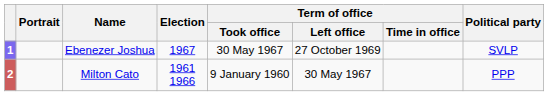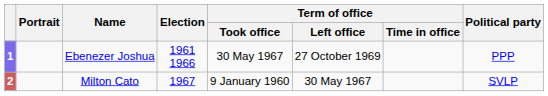 <table class=wikitable style=text-align:center>
 <tr>
 <th rowspan="2"></th>
 <th rowspan="2">Portrait</th>
 <th rowspan="2">Name<br></th>
 <th rowspan="2">Election</th>
 <th colspan="3">Term of office</th>
 <th rowspan="2">Political party</th>
 </tr>
 <tr>
 <th>Took office</th>
 <th>Left office</th>
 <th>Time in office</th>
 </tr>
 <tr>
 <th style="background:#7B68EE; color:white;">1</th>
 <td></td>
 <td><a href='#'>Ebenezer Joshua</a><br></td>
-<td><a href='#'>1967</a></td>
+<td><a href='#'>1961</a><br><a href='#'>1966</a></td>
 <td>30 May 1967</td>
 <td>27 October 1969</td>
 <td></td>
-<td><a href='#'>SVLP</a></td>
+<td><a href='#'>PPP</a></td>
 </tr>
 <tr>
 <th style="background:#CD5C5C; color:white;">2</th>
 <td></td>
 <td><a href='#'>Milton Cato</a><br></td>
-<td><a href='#'>1961</a><br><a href='#'>1966</a></td>
+<td><a href='#'>1967</a></td>
 <td>9 January 1960</td>
 <td>30 May 1967</td>
 <td></td>
-<td><a href='#'>PPP</a></td>
+<td><a href='#'>SVLP</a></td>
 </tr>
 </table>
